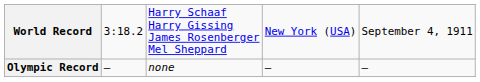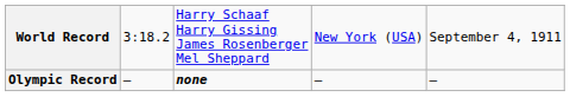 <table class="wikitable" style="font-size:95%;">
 <tr>
 <th>World Record</th>
 <td>3:18.2</td>
 <td> <a href='#'>Harry Schaaf</a><br> <a href='#'>Harry Gissing</a><br> <a href='#'>James Rosenberger</a><br> <a href='#'>Mel Sheppard</a></td>
 <td><a href='#'>New York</a> (<a href='#'>USA</a>)</td>
 <td>September 4, 1911</td>
 </tr>
 <tr>
 <th>Olympic Record</th>
 <td>–</td>
-<td><em>none</em></td>
+<td><strong><em>none</em></strong></td>
 <td>–</td>
 <td>–</td>
 </tr>
 </table>
